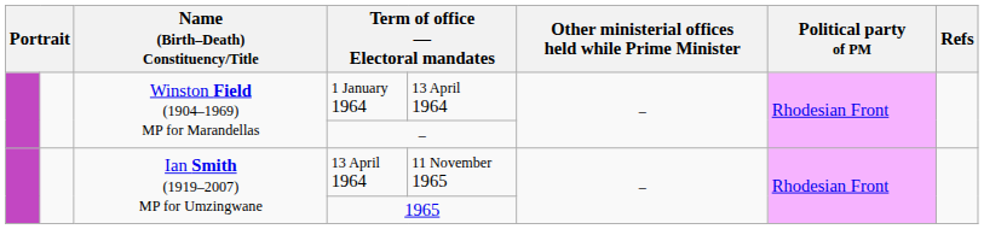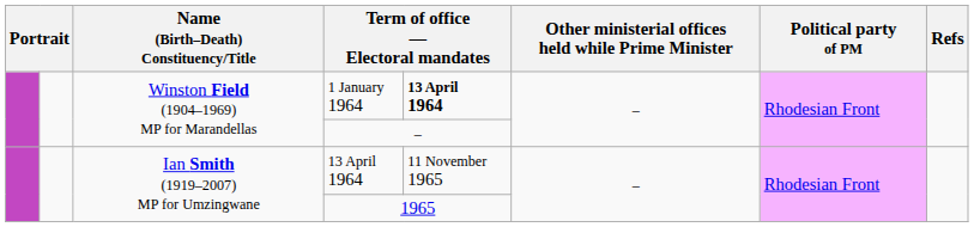 <table class="wikitable" width=100%>
 <tr>
 <th scope="col" colspan="2" width=40>Portrait</th>
 <th scope="col" width=27%>Name<br><small>(Birth–Death)<br>Constituency/Title</small></th>
 <th scope="col" colspan="2" width=20%>Term of office<br>—<br>Electoral mandates</th>
 <th scope="col" width=27%>Other ministerial offices<br>held while Prime Minister</th>
 <th scope="col" width=18%>Political party<br><small>of PM</small></th>
 <th scope="col">Refs</th>
 </tr>
 <tr>
 <td scope="row" rowspan="2" style="background-color: #C247C2"></td>
 <td rowspan="2"></td>
 <td rowspan="2" align="center"><a href='#'>Winston <strong>Field</strong></a><br><small>(1904–1969)<br>MP for Marandellas</small></td>
 <td><small>1 January</small><br>1964</td>
-<td><small>13 April</small><br>1964</td>
+<td><strong><small>13 April</small><br>1964</strong></td>
 <td rowspan="2" align=center><small>–</small></td>
 <td bgcolor=#f6b3ff rowspan="2"><a href='#'>Rhodesian Front</a></td>
 <td rowspan="2" align=center></td>
 </tr>
 <tr>
 <td colspan="2" align="center"><small>–</small></td>
 </tr>
 <tr>
 <td scope="row" rowspan="2" style="background-color: #C247C2"></td>
 <td rowspan="2"></td>
 <td rowspan="2" align="center"><a href='#'>Ian <strong>Smith</strong></a><br><small>(1919–2007)<br>MP for Umzingwane</small></td>
 <td><small>13 April</small><br>1964</td>
 <td><small>11 November</small><br>1965</td>
 <td rowspan="2" align=center><small>–</small></td>
 <td bgcolor=#f6b3ff rowspan="2"><a href='#'>Rhodesian Front</a></td>
 <td rowspan="2" align=center></td>
 </tr>
 <tr>
 <td colspan="2" align="center"><a href='#'>1965</a></td>
 </tr>
 </table>
